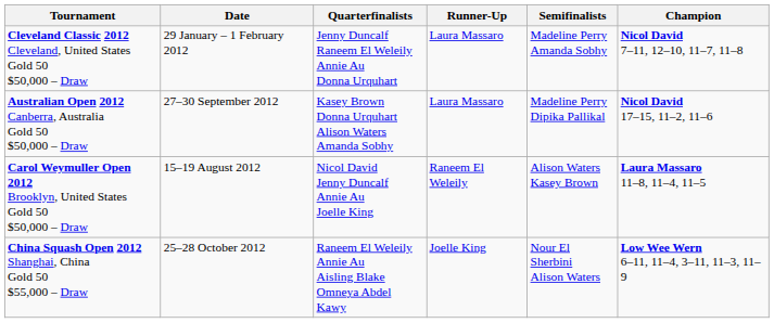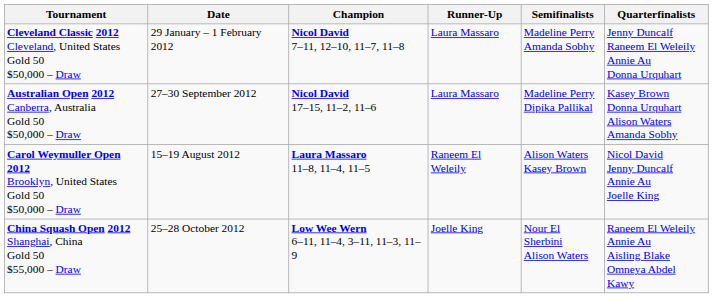 <table class="wikitable" style="font-size:88%">
 <tr>
 <th>Tournament</th>
 <th>Date</th>
-<th>Quarterfinalists</th>
+<th>Champion</th>
 <th>Runner-Up</th>
 <th>Semifinalists</th>
-<th>Champion</th>
+<th>Quarterfinalists</th>
 </tr>
 <tr valign=top>
 <td><strong><a href='#'>Cleveland Classic</a> <a href='#'>2012</a></strong><br> <a href='#'>Cleveland</a>, United States<br>Gold 50<br>$50,000 – <a href='#'>Draw</a></td>
 <td>29 January –  1 February 2012</td>
-<td> <a href='#'>Jenny Duncalf</a><br> <a href='#'>Raneem El Weleily</a><br> <a href='#'>Annie Au</a><br> <a href='#'>Donna Urquhart</a></td>
+<td> <strong><a href='#'>Nicol David</a></strong><br>7–11, 12–10, 11–7, 11–8</td>
 <td> <a href='#'>Laura Massaro</a></td>
 <td> <a href='#'>Madeline Perry</a><br> <a href='#'>Amanda Sobhy</a></td>
-<td> <strong><a href='#'>Nicol David</a></strong><br>7–11, 12–10, 11–7, 11–8</td>
+<td> <a href='#'>Jenny Duncalf</a><br> <a href='#'>Raneem El Weleily</a><br> <a href='#'>Annie Au</a><br> <a href='#'>Donna Urquhart</a></td>
 </tr>
 <tr valign=top>
 <td><strong><a href='#'>Australian Open</a> <a href='#'>2012</a></strong><br> <a href='#'>Canberra</a>, Australia<br>Gold 50<br>$50,000 – <a href='#'>Draw</a></td>
 <td>27–30 September 2012</td>
-<td> <a href='#'>Kasey Brown</a><br> <a href='#'>Donna Urquhart</a><br> <a href='#'>Alison Waters</a><br> <a href='#'>Amanda Sobhy</a></td>
+<td> <strong><a href='#'>Nicol David</a></strong><br>17–15, 11–2, 11–6</td>
 <td> <a href='#'>Laura Massaro</a></td>
 <td> <a href='#'>Madeline Perry</a><br> <a href='#'>Dipika Pallikal</a></td>
-<td> <strong><a href='#'>Nicol David</a></strong><br>17–15, 11–2, 11–6</td>
+<td> <a href='#'>Kasey Brown</a><br> <a href='#'>Donna Urquhart</a><br> <a href='#'>Alison Waters</a><br> <a href='#'>Amanda Sobhy</a></td>
 </tr>
 <tr valign=top>
 <td><strong><a href='#'>Carol Weymuller Open</a> <a href='#'>2012</a></strong><br> <a href='#'>Brooklyn</a>, United States<br>Gold 50<br>$50,000 – <a href='#'>Draw</a></td>
 <td>15–19 August 2012</td>
-<td> <a href='#'>Nicol David</a><br> <a href='#'>Jenny Duncalf</a><br> <a href='#'>Annie Au</a><br> <a href='#'>Joelle King</a></td>
+<td> <strong><a href='#'>Laura Massaro</a></strong><br>11–8, 11–4, 11–5</td>
 <td> <a href='#'>Raneem El Weleily</a></td>
 <td> <a href='#'>Alison Waters</a><br>  <a href='#'>Kasey Brown</a></td>
-<td> <strong><a href='#'>Laura Massaro</a></strong><br>11–8, 11–4, 11–5</td>
+<td> <a href='#'>Nicol David</a><br> <a href='#'>Jenny Duncalf</a><br> <a href='#'>Annie Au</a><br> <a href='#'>Joelle King</a></td>
 </tr>
 <tr valign=top>
 <td><strong><a href='#'>China Squash Open</a> <a href='#'>2012</a></strong><br> <a href='#'>Shanghai</a>, China<br>Gold 50<br>$55,000 – <a href='#'>Draw</a></td>
 <td>25–28 October 2012</td>
-<td> <a href='#'>Raneem El Weleily</a><br> <a href='#'>Annie Au</a><br> <a href='#'>Aisling Blake</a><br> <a href='#'>Omneya Abdel Kawy</a></td>
+<td> <strong><a href='#'>Low Wee Wern</a></strong><br>6–11, 11–4, 3–11, 11–3, 11–9</td>
 <td> <a href='#'>Joelle King</a></td>
 <td> <a href='#'>Nour El Sherbini</a><br> <a href='#'>Alison Waters</a></td>
-<td> <strong><a href='#'>Low Wee Wern</a></strong><br>6–11, 11–4, 3–11, 11–3, 11–9</td>
+<td> <a href='#'>Raneem El Weleily</a><br> <a href='#'>Annie Au</a><br> <a href='#'>Aisling Blake</a><br> <a href='#'>Omneya Abdel Kawy</a></td>
 </tr>
 </table>
